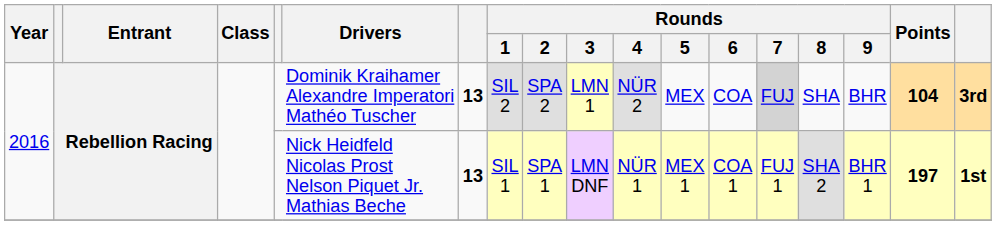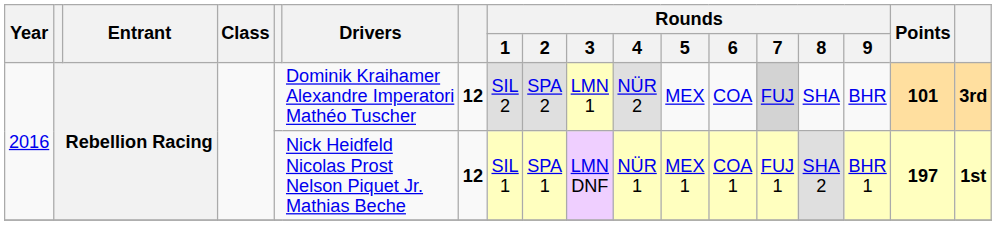 <table class="wikitable" style="text-align:center; font-size:90%">
 <tr>
 <th rowspan="2">Year</th>
 <th rowspan="2"></th>
 <th rowspan="2">Entrant</th>
 <th rowspan="2">Class</th>
 <th rowspan="2"></th>
 <th rowspan="2">Drivers</th>
 <th rowspan="2"></th>
 <th colspan="9">Rounds</th>
 <th rowspan="2">Points</th>
 <th rowspan="2"></th>
 </tr>
 <tr>
 <th>1</th>
 <th>2</th>
 <th>3</th>
 <th>4</th>
 <th>5</th>
 <th>6</th>
 <th>7</th>
 <th>8</th>
 <th>9</th>
 </tr>
 <tr>
 <td rowspan="2"><a href='#'>2016</a></td>
 <th rowspan="2" style="border-right:0px"></th>
 <th rowspan="2" align="left" style="border-left:0px">Rebellion Racing</th>
 <td rowspan="2"></td>
 <td style="border-right:0px"><br><br><br></td>
 <td align="left" style="border-left:0px"><a href='#'>Dominik Kraihamer</a><br><a href='#'>Alexandre Imperatori</a><br><a href='#'>Mathéo Tuscher</a></td>
-<td><strong>13</strong></td>
+<td><strong>12</strong></td>
 <td style="background:#DFDFDF;"><a href='#'>SIL</a><br>2</td>
 <td style="background:#DFDFDF;"><a href='#'>SPA</a> <br>2</td>
 <td style="background:#FFFFBF;"><a href='#'>LMN</a><br>1</td>
 <td style="background:#DFDFDF;"><a href='#'>NÜR</a><br>2</td>
 <td><a href='#'>MEX</a><br></td>
 <td><a href='#'>COA</a><br></td>
 <td style="background: lightgrey;"><a href='#'>FUJ</a><br></td>
 <td><a href='#'>SHA</a><br></td>
 <td><a href='#'>BHR</a><br></td>
-<td style="background:#FFDF9F;"><strong>104</strong></td>
+<td style="background:#FFDF9F;"><strong>101</strong></td>
 <td style="background:#FFDF9F;"><strong>3rd</strong></td>
 </tr>
 <tr>
 <td style="border-right:0px"><br><br></td>
 <td align="left" style="border-left:0px"><a href='#'>Nick Heidfeld</a><br><a href='#'>Nicolas Prost</a><br><a href='#'>Nelson Piquet Jr.</a><br><a href='#'>Mathias Beche</a></td>
-<td><strong>13</strong></td>
+<td><strong>12</strong></td>
 <td style="background:#FFFFBF;"><a href='#'>SIL</a><br>1</td>
 <td style="background:#FFFFBF;"><a href='#'>SPA</a> <br>1</td>
 <td style="background:#efcfff;"><a href='#'>LMN</a><br>DNF</td>
 <td style="background:#FFFFBF;"><a href='#'>NÜR</a><br>1</td>
 <td style="background:#FFFFBF;"><a href='#'>MEX</a><br>1</td>
 <td style="background:#FFFFBF;"><a href='#'>COA</a><br>1</td>
 <td style="background:#FFFFBF;"><a href='#'>FUJ</a><br>1</td>
 <td style="background:#DFDFDF;"><a href='#'>SHA</a><br>2</td>
 <td style="background:#FFFFBF;"><a href='#'>BHR</a><br>1</td>
 <td style="background:#FFFFBF;"><strong>197</strong></td>
 <td style="background:#FFFFBF;"><strong>1st</strong></td>
 </tr>
 <tr>
 </tr>
 </table>
